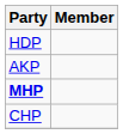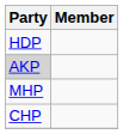 <table class="wikitable">
 <tr>
 <th>Party</th>
 <th colspan="2">Member</th>
 </tr>
 <tr>
 <td><a href='#'>HDP</a></td>
 <td></td>
 </tr>
 <tr>
-<td><a href='#'>AKP</a></td>
+<td style="background: lightgrey;"><a href='#'>AKP</a></td>
 <td></td>
 </tr>
 <tr>
-<td><strong><a href='#'>MHP</a></strong></td>
+<td><a href='#'>MHP</a></td>
 <td></td>
 </tr>
 <tr>
 <td><a href='#'>CHP</a></td>
 <td></td>
 </tr>
 <tr>
 </tr>
 </table>
